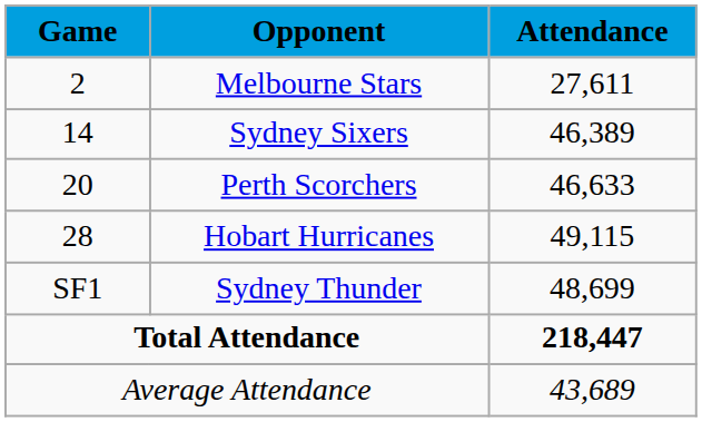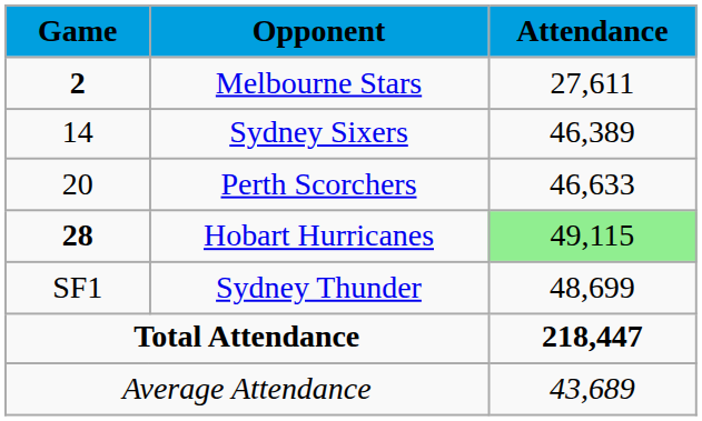 <table class="wikitable sortable" style="text-align:center; font-size:90%">
 <tr>
 <th style="width:60px; background:#009FDF; text-align:center;">Game</th>
 <th style="width:150px; background:#009FDF; text-align:center;" class="unsortable">Opponent</th>
 <th style="width:90px; background:#009FDF; text-align:center;">Attendance</th>
 </tr>
 <tr>
-<td>2</td>
+<td><strong>2</strong></td>
 <td><a href='#'>Melbourne Stars</a></td>
 <td>27,611</td>
 </tr>
 <tr>
 <td>14</td>
 <td><a href='#'>Sydney Sixers</a></td>
 <td>46,389</td>
 </tr>
 <tr>
 <td>20</td>
 <td><a href='#'>Perth Scorchers</a></td>
 <td>46,633</td>
 </tr>
 <tr>
-<td>28</td>
+<td><strong>28</strong></td>
 <td><a href='#'>Hobart Hurricanes</a></td>
-<td>49,115</td>
+<td style="background: lightgreen;">49,115</td>
 </tr>
 <tr>
 <td>SF1</td>
 <td><a href='#'>Sydney Thunder</a></td>
 <td>48,699</td>
 </tr>
 <tr class="sortbottom">
 <td colspan="2"><strong>Total Attendance</strong></td>
 <td><strong>218,447</strong></td>
 </tr>
 <tr class="sortbottom">
 <td colspan="2"><em>Average Attendance</em></td>
 <td><em>43,689</em></td>
 </tr>
 </table>
